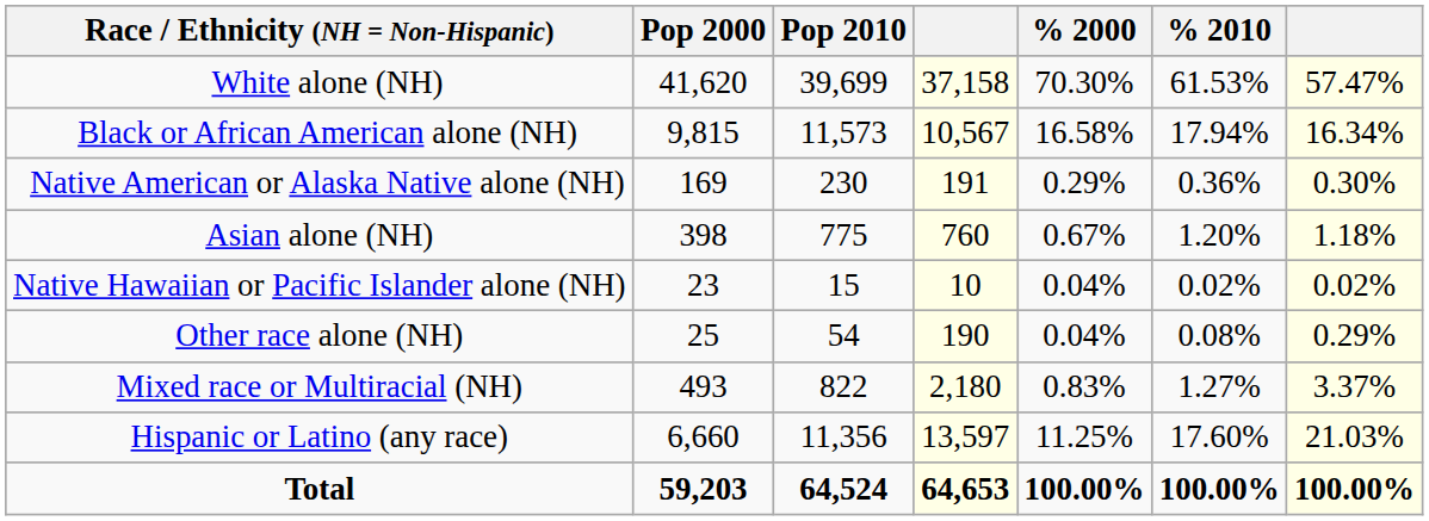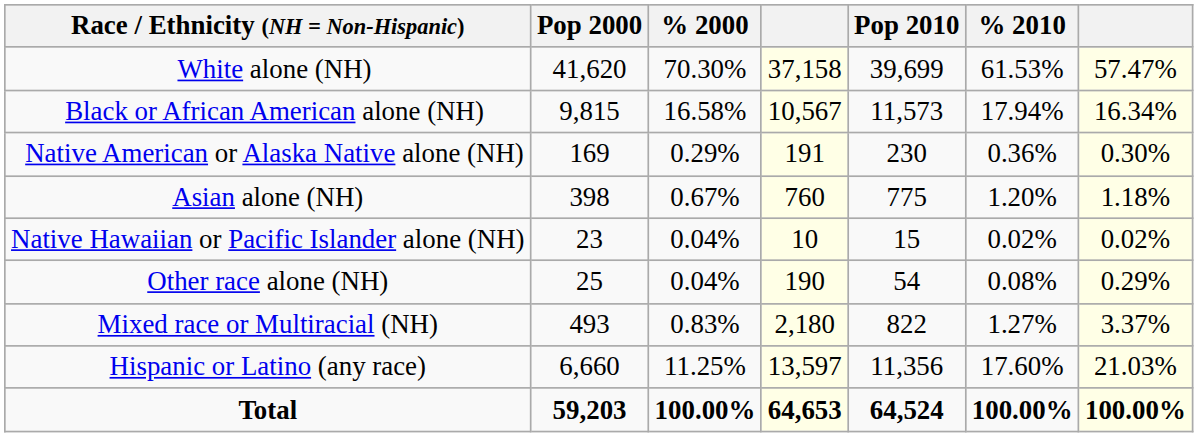 <table class="wikitable" style="text-align:center;">
 <tr>
 <th>Race / Ethnicity <small>(<em>NH = Non-Hispanic</em>)</small></th>
 <th>Pop 2000</th>
+<th>% 2000</th>
+<th></th>
 <th>Pop 2010</th>
-<th></th>
-<th>% 2000</th>
 <th>% 2010</th>
 <th></th>
 </tr>
 <tr>
 <td>  <a href='#'>White</a> alone (NH)</td>
 <td>41,620</td>
+<td>70.30%</td>
+<td style='background: #ffffe6;'>37,158</td>
 <td>39,699</td>
-<td style='background: #ffffe6;'>37,158</td>
-<td>70.30%</td>
 <td>61.53%</td>
 <td style='background: #ffffe6;'>57.47%</td>
 </tr>
 <tr>
 <td>  <a href='#'>Black or African American</a> alone (NH)</td>
 <td>9,815</td>
+<td>16.58%</td>
+<td style='background: #ffffe6;'>10,567</td>
 <td>11,573</td>
-<td style='background: #ffffe6;'>10,567</td>
-<td>16.58%</td>
 <td>17.94%</td>
 <td style='background: #ffffe6;'>16.34%</td>
 </tr>
 <tr>
 <td>  <a href='#'>Native American</a> or <a href='#'>Alaska Native</a> alone (NH)</td>
 <td>169</td>
+<td>0.29%</td>
+<td style='background: #ffffe6;'>191</td>
 <td>230</td>
-<td style='background: #ffffe6;'>191</td>
-<td>0.29%</td>
 <td>0.36%</td>
 <td style='background: #ffffe6;'>0.30%</td>
 </tr>
 <tr>
 <td><a href='#'>Asian</a> alone (NH)</td>
 <td>398</td>
+<td>0.67%</td>
+<td style='background: #ffffe6;'>760</td>
 <td>775</td>
-<td style='background: #ffffe6;'>760</td>
-<td>0.67%</td>
 <td>1.20%</td>
 <td style='background: #ffffe6;'>1.18%</td>
 </tr>
 <tr>
 <td><a href='#'>Native Hawaiian</a> or <a href='#'>Pacific Islander</a> alone (NH)</td>
 <td>23</td>
+<td>0.04%</td>
+<td style='background: #ffffe6;'>10</td>
 <td>15</td>
-<td style='background: #ffffe6;'>10</td>
-<td>0.04%</td>
 <td>0.02%</td>
 <td style='background: #ffffe6;'>0.02%</td>
 </tr>
 <tr>
 <td><a href='#'>Other race</a> alone (NH)</td>
 <td>25</td>
+<td>0.04%</td>
+<td style='background: #ffffe6;'>190</td>
 <td>54</td>
-<td style='background: #ffffe6;'>190</td>
-<td>0.04%</td>
 <td>0.08%</td>
 <td style='background: #ffffe6;'>0.29%</td>
 </tr>
 <tr>
 <td><a href='#'>Mixed race or Multiracial</a> (NH)</td>
 <td>493</td>
+<td>0.83%</td>
+<td style='background: #ffffe6;'>2,180</td>
 <td>822</td>
-<td style='background: #ffffe6;'>2,180</td>
-<td>0.83%</td>
 <td>1.27%</td>
 <td style='background: #ffffe6;'>3.37%</td>
 </tr>
 <tr>
 <td><a href='#'>Hispanic or Latino</a> (any race)</td>
 <td>6,660</td>
+<td>11.25%</td>
+<td style='background: #ffffe6;'>13,597</td>
 <td>11,356</td>
-<td style='background: #ffffe6;'>13,597</td>
-<td>11.25%</td>
 <td>17.60%</td>
 <td style='background: #ffffe6;'>21.03%</td>
 </tr>
 <tr>
 <td><strong>Total</strong></td>
 <td><strong>59,203</strong></td>
+<td><strong>100.00%</strong></td>
+<td style='background: #ffffe6;'><strong>64,653</strong></td>
 <td><strong>64,524</strong></td>
-<td style='background: #ffffe6;'><strong>64,653</strong></td>
-<td><strong>100.00%</strong></td>
 <td><strong>100.00%</strong></td>
 <td style='background: #ffffe6;'><strong>100.00%</strong></td>
 </tr>
 </table>
